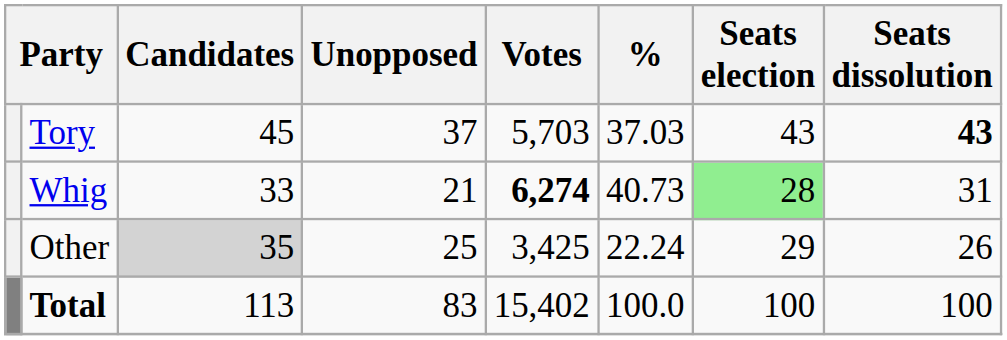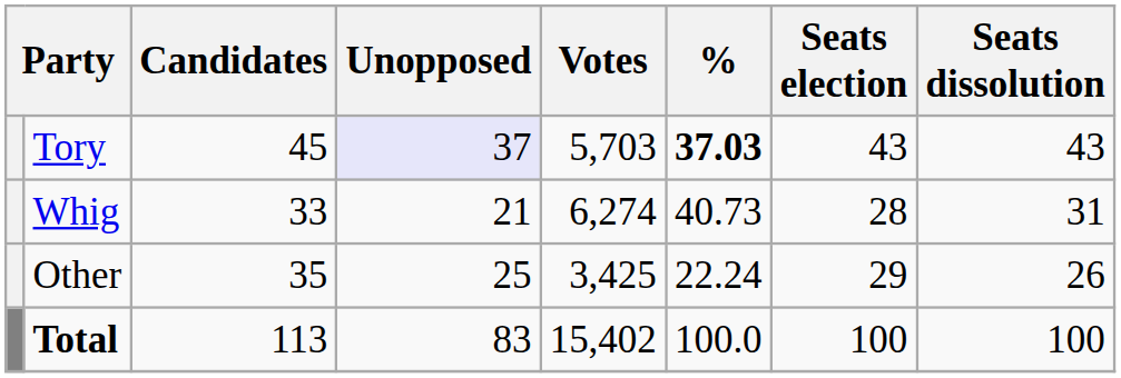 <table class="wikitable" style="font-size: 95%;">
 <tr>
 <th colspan=2>Party</th>
 <th>Candidates</th>
 <th>Unopposed</th>
 <th>Votes</th>
 <th>%</th>
 <th>Seats<br>election</th>
 <th>Seats<br>dissolution</th>
 </tr>
 <tr>
 <th style="background-color: "></th>
 <td><a href='#'>Tory</a></td>
 <td align="right">45</td>
-<td align="right">37</td>
+<td align="right" style="background: lavender;">37</td>
 <td align="right">5,703</td>
-<td align="right">37.03</td>
+<td align="right"><strong>37.03</strong></td>
 <td align="right">43</td>
-<td align="right"><strong>43</strong></td>
+<td align="right">43</td>
 </tr>
 <tr>
 <th style="background-color: "></th>
 <td><a href='#'>Whig</a></td>
 <td align="right">33</td>
 <td align="right">21</td>
-<td align="right"><strong>6,274</strong></td>
+<td align="right">6,274</td>
 <td align="right">40.73</td>
-<td align="right" style="background: lightgreen;">28</td>
+<td align="right">28</td>
 <td align="right">31</td>
 </tr>
 <tr>
 <th style="background-color: "></th>
 <td>Other</td>
-<td align="right" style="background: lightgrey;">35</td>
+<td align="right">35</td>
 <td align="right">25</td>
 <td align="right">3,425</td>
 <td align="right">22.24</td>
 <td align="right">29</td>
 <td align="right">26</td>
 </tr>
 <tr>
 <th style="background-color: grey"></th>
 <td><strong>Total</strong></td>
 <td align="right">113</td>
 <td align="right">83</td>
 <td align="right">15,402</td>
 <td align="right">100.0</td>
 <td align="right">100</td>
 <td align="right">100</td>
 </tr>
 <tr>
 </tr>
 </table>
